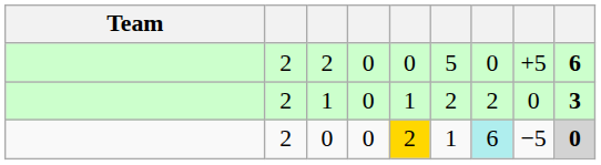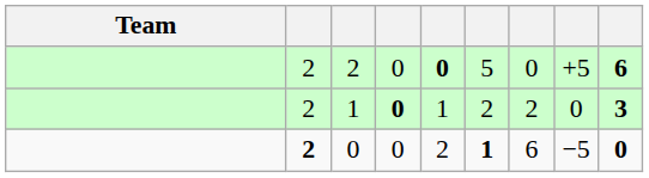 <table class=wikitable style="text-align:center">
 <tr>
 <th width="165">Team</th>
 <th width="20"></th>
 <th width="20"></th>
 <th width="20"></th>
 <th width="20"></th>
 <th width="20"></th>
 <th width="20"></th>
 <th width="20"></th>
 <th width="20"></th>
 </tr>
 <tr bgcolor=ccffcc>
 <td align=left></td>
 <td>2</td>
 <td>2</td>
 <td>0</td>
-<td>0</td>
+<td><strong>0</strong></td>
 <td>5</td>
 <td>0</td>
 <td>+5</td>
 <td><strong>6</strong></td>
 </tr>
 <tr bgcolor=ccffcc>
 <td align=left></td>
 <td>2</td>
 <td>1</td>
-<td>0</td>
+<td><strong>0</strong></td>
 <td>1</td>
 <td>2</td>
 <td>2</td>
 <td>0</td>
 <td><strong>3</strong></td>
 </tr>
 <tr>
 <td align=left></td>
-<td>2</td>
+<td><strong>2</strong></td>
 <td>0</td>
 <td>0</td>
-<td style="background: gold;">2</td>
-<td>1</td>
-<td style="background: paleturquoise;">6</td>
+<td>2</td>
+<td><strong>1</strong></td>
+<td>6</td>
 <td>−5</td>
-<td style="background: lightgrey;"><strong>0</strong></td>
+<td><strong>0</strong></td>
 </tr>
 </table>
